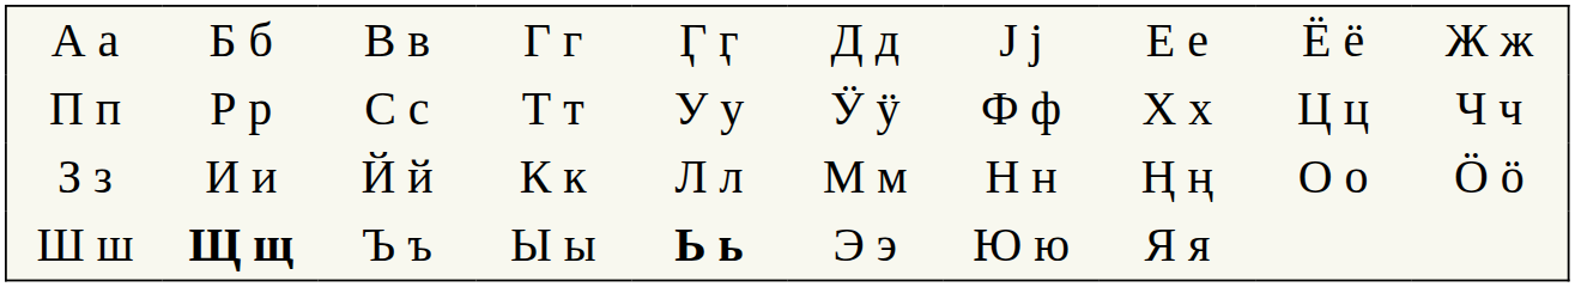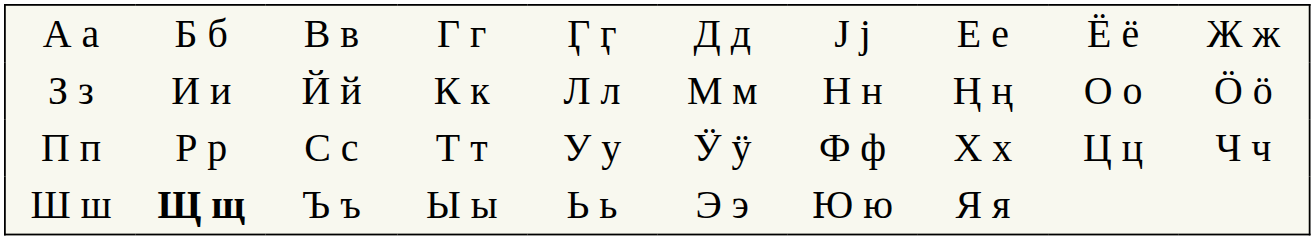 <table style="font-family:Arial Unicode MS; font-size:1.4em; border-color:#000000; border-width:1px; border-style:solid; border-collapse:collapse; text-align:right; background-color:#F8F8EF">
 <tr>
 <td style="width:3em; text-align:center; padding: 3px;">А а</td>
 <td style="width:3em; text-align:center; padding: 3px;">Б б</td>
 <td style="width:3em; text-align:center; padding: 3px;">В в</td>
 <td style="width:3em; text-align:center; padding: 3px;">Г г</td>
 <td style="width:3em; text-align:center; padding: 3px;">Ӷ ӷ</td>
 <td style="width:3em; text-align:center; padding: 3px;">Д д</td>
 <td style="width:3em; text-align:center; padding: 3px;">Ј ј</td>
 <td style="width:3em; text-align:center; padding: 3px;">Е е</td>
 <td style="width:3em; text-align:center; padding: 3px;">Ё ё</td>
 <td style="width:3em; text-align:center; padding: 3px;">Ж ж</td>
 </tr>
 <tr>
+<td style="width:3em; text-align:center; padding: 3px;">З з</td>
+<td style="width:3em; text-align:center; padding: 3px;">И и</td>
+<td style="width:3em; text-align:center; padding: 3px;">Й й</td>
+<td style="width:3em; text-align:center; padding: 3px;">К к</td>
+<td style="width:3em; text-align:center; padding: 3px;">Л л</td>
+<td style="width:3em; text-align:center; padding: 3px;">М м</td>
+<td style="width:3em; text-align:center; padding: 3px;">Н н</td>
+<td style="width:3em; text-align:center; padding: 3px;">Ң ң</td>
+<td style="width:3em; text-align:center; padding: 3px;">О о</td>
+<td style="width:3em; text-align:center; padding: 3px;">Ӧ ӧ</td>
+</tr>
+<tr>
 <td style="width:3em; text-align:center; padding: 3px;">П п</td>
 <td style="width:3em; text-align:center; padding: 3px;">Р р</td>
 <td style="width:3em; text-align:center; padding: 3px;">С с</td>
 <td style="width:3em; text-align:center; padding: 3px;">Т т</td>
 <td style="width:3em; text-align:center; padding: 3px;">У у</td>
 <td style="width:3em; text-align:center; padding: 3px;">Ӱ ӱ</td>
 <td style="width:3em; text-align:center; padding: 3px;">Ф ф</td>
 <td style="width:3em; text-align:center; padding: 3px;">Х х</td>
 <td style="width:3em; text-align:center; padding: 3px;">Ц ц</td>
 <td style="width:3em; text-align:center; padding: 3px;">Ч ч</td>
 </tr>
 <tr>
-<td style="width:3em; text-align:center; padding: 3px;">З з</td>
-<td style="width:3em; text-align:center; padding: 3px;">И и</td>
-<td style="width:3em; text-align:center; padding: 3px;">Й й</td>
-<td style="width:3em; text-align:center; padding: 3px;">К к</td>
-<td style="width:3em; text-align:center; padding: 3px;">Л л</td>
-<td style="width:3em; text-align:center; padding: 3px;">М м</td>
-<td style="width:3em; text-align:center; padding: 3px;">Н н</td>
-<td style="width:3em; text-align:center; padding: 3px;">Ң ң</td>
-<td style="width:3em; text-align:center; padding: 3px;">О о</td>
-<td style="width:3em; text-align:center; padding: 3px;">Ӧ ӧ</td>
-</tr>
-<tr>
 <td style="width:3em; text-align:center; padding: 3px;">Ш ш</td>
 <td style="width:3em; text-align:center; padding: 3px;"><strong>Щ щ</strong></td>
 <td style="width:3em; text-align:center; padding: 3px;">Ъ ъ</td>
 <td style="width:3em; text-align:center; padding: 3px;">Ы ы</td>
-<td style="width:3em; text-align:center; padding: 3px;"><strong>Ь ь</strong></td>
+<td style="width:3em; text-align:center; padding: 3px;">Ь ь</td>
 <td style="width:3em; text-align:center; padding: 3px;">Э э</td>
 <td style="width:3em; text-align:center; padding: 3px;">Ю ю</td>
 <td style="width:3em; text-align:center; padding: 3px;">Я я</td>
 </tr>
 </table>
